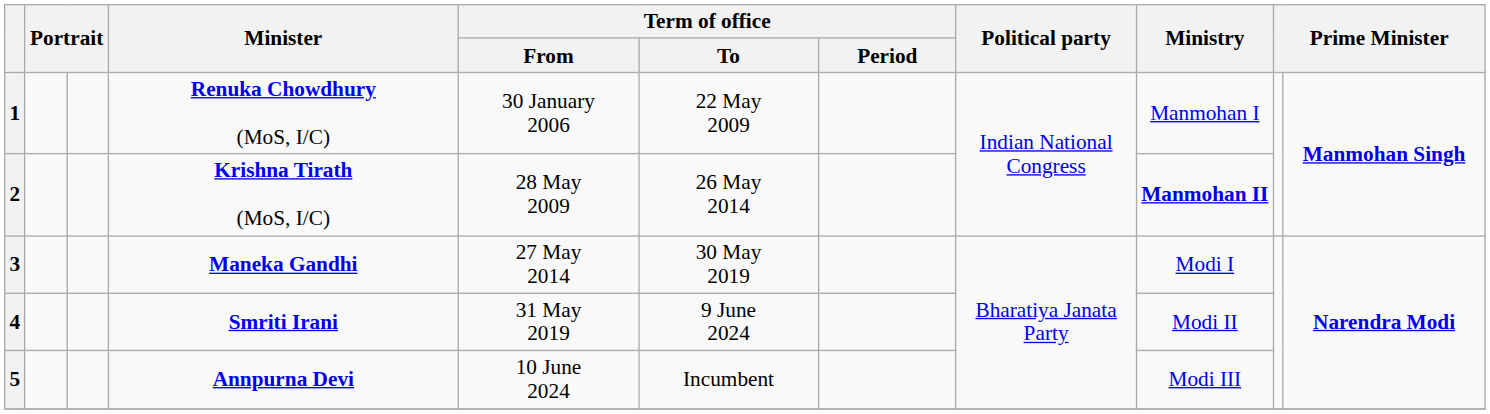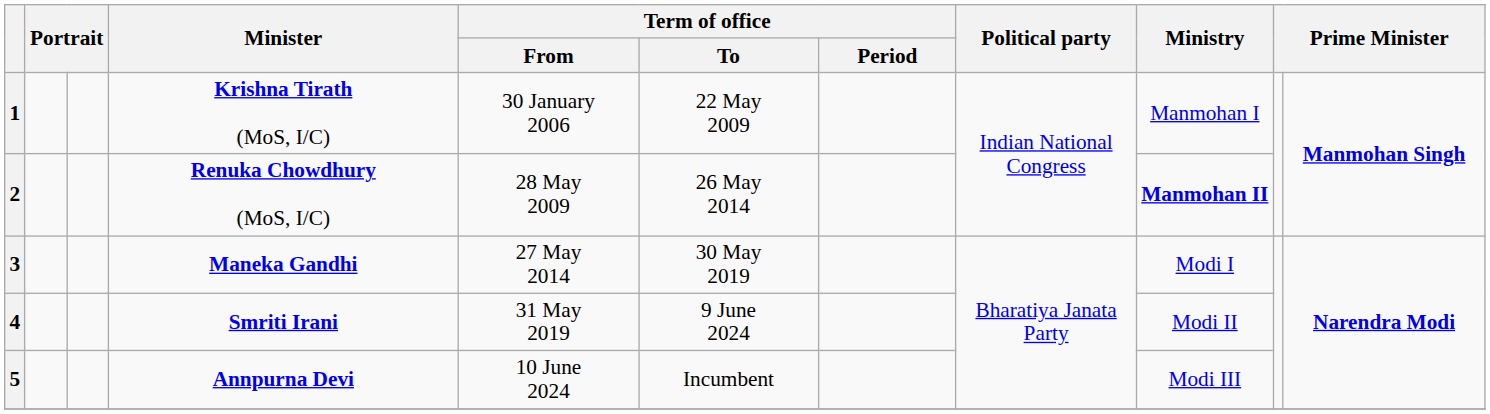 <table class="wikitable" style="text-align:center">
 <tr>
 <th rowspan="2"></th>
 <th rowspan="2" colspan="2">Portrait</th>
 <th rowspan="2" style="width:16em">Minister<br></th>
 <th colspan="3">Term of office</th>
 <th rowspan="2" style="width:8em">Political party</th>
 <th rowspan="2" style="width:6em">Ministry</th>
 <th rowspan="2" colspan="2">Prime Minister</th>
 </tr>
 <tr>
 <th style="width:8em">From</th>
 <th style="width:8em">To</th>
 <th style="width:6em">Period</th>
 </tr>
 <tr>
 <th>1</th>
 <td></td>
 <td></td>
-<td><strong><a href='#'>Renuka Chowdhury</a></strong><br><br>(MoS, I/C)</td>
+<td><strong><a href='#'>Krishna Tirath</a></strong><br><br>(MoS, I/C)</td>
 <td>30 January<br>2006</td>
 <td>22 May<br>2009</td>
 <td><strong></strong></td>
 <td rowspan="2"><a href='#'>Indian National Congress</a></td>
 <td><a href='#'>Manmohan I</a></td>
 <td rowspan="2"></td>
 <td style="width:9em" rowspan="2"><strong><a href='#'>Manmohan Singh</a></strong></td>
 </tr>
 <tr>
 <th>2</th>
 <td></td>
 <td></td>
-<td><strong><a href='#'>Krishna Tirath</a></strong><br><br>(MoS, I/C)</td>
+<td><strong><a href='#'>Renuka Chowdhury</a></strong><br><br>(MoS, I/C)</td>
 <td>28 May<br>2009</td>
 <td>26 May<br>2014</td>
 <td><strong></strong></td>
 <td><strong><a href='#'>Manmohan II</a></strong></td>
 </tr>
 <tr>
 <th>3</th>
 <td></td>
 <td></td>
 <td><strong><a href='#'>Maneka Gandhi</a></strong><br></td>
 <td>27 May<br>2014</td>
 <td>30 May<br>2019</td>
 <td><strong></strong></td>
 <td rowspan="3"><a href='#'>Bharatiya Janata Party</a></td>
 <td><a href='#'>Modi I</a></td>
 <td rowspan="3"></td>
 <td rowspan="3"><strong><a href='#'>Narendra Modi</a></strong></td>
 </tr>
 <tr>
 <th>4</th>
 <td></td>
 <td></td>
 <td><strong><a href='#'>Smriti Irani</a></strong><br></td>
 <td>31 May<br>2019</td>
 <td>9 June<br>2024</td>
 <td><strong></strong></td>
 <td><a href='#'>Modi II</a></td>
 </tr>
 <tr>
 <th>5</th>
 <td></td>
 <td></td>
 <td><strong><a href='#'>Annpurna Devi</a></strong><br></td>
 <td>10 June<br>2024</td>
 <td>Incumbent</td>
 <td><strong></strong></td>
 <td><a href='#'>Modi III</a></td>
 </tr>
 <tr>
 </tr>
 </table>
